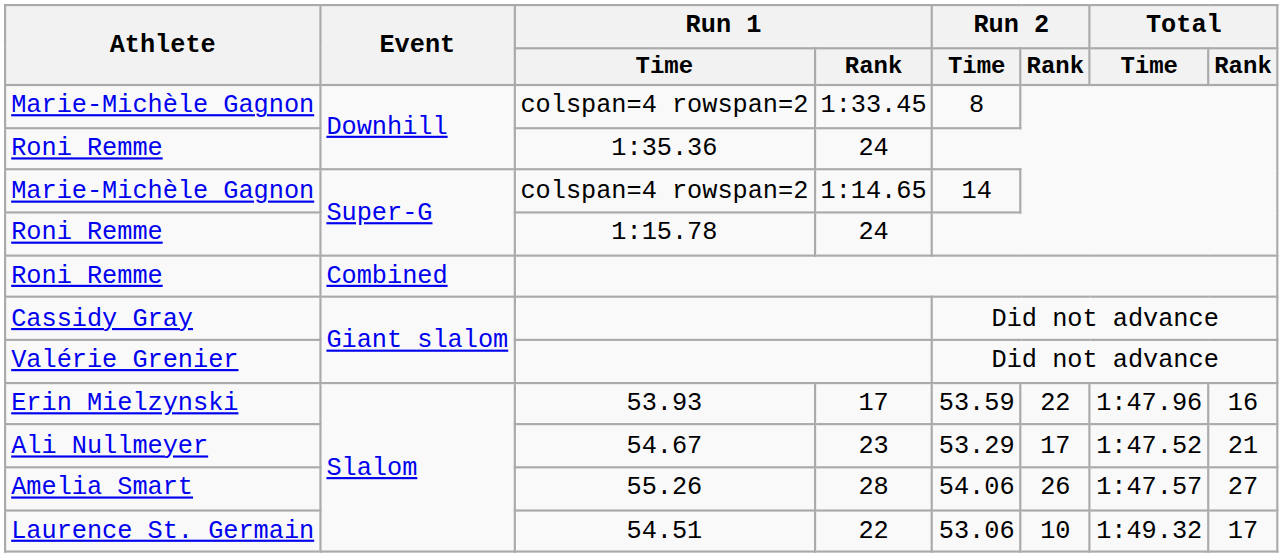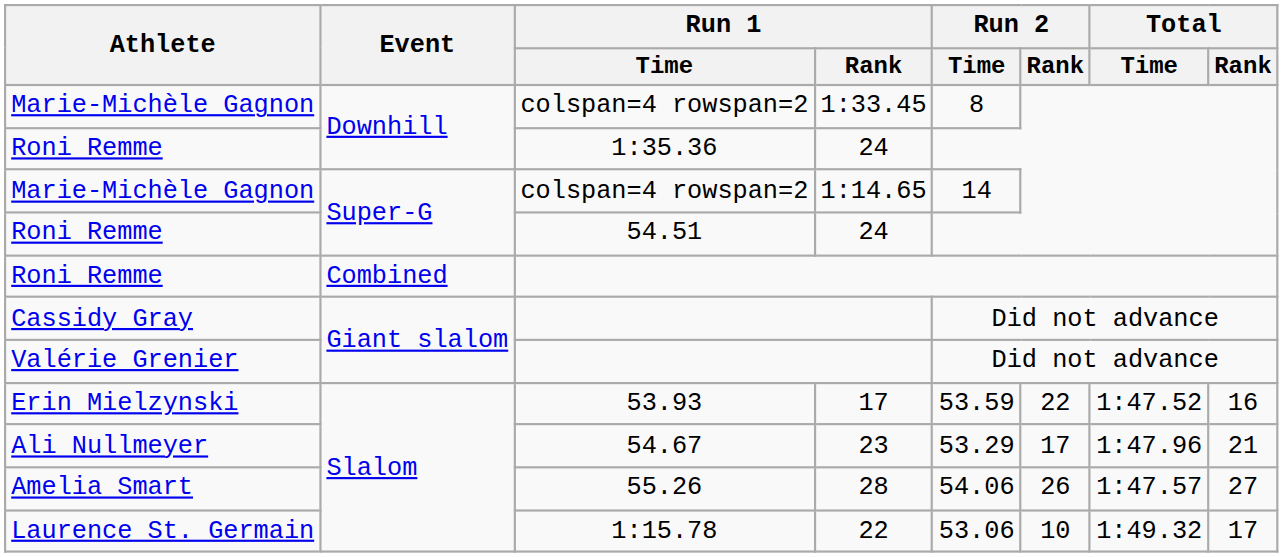 <table class=wikitable style=font-size:90%;text-align:center>
 <tr>
 <th rowspan=2>Athlete</th>
 <th rowspan=2>Event</th>
 <th colspan=2>Run 1</th>
 <th colspan=2>Run 2</th>
 <th colspan=2>Total</th>
 </tr>
 <tr style=font-size:95%>
 <th>Time</th>
 <th>Rank</th>
 <th>Time</th>
 <th>Rank</th>
 <th>Time</th>
 <th>Rank</th>
 </tr>
 <tr>
 <td align=left><a href='#'>Marie-Michèle Gagnon</a></td>
 <td align=left rowspan=2><a href='#'>Downhill</a></td>
 <td>colspan=4 rowspan=2 </td>
 <td>1:33.45</td>
 <td>8</td>
 </tr>
 <tr>
 <td align=left><a href='#'>Roni Remme</a></td>
 <td>1:35.36</td>
 <td>24</td>
 </tr>
 <tr>
 <td align=left><a href='#'>Marie-Michèle Gagnon</a></td>
 <td align=left rowspan=2><a href='#'>Super-G</a></td>
 <td>colspan=4 rowspan=2 </td>
 <td>1:14.65</td>
 <td>14</td>
 </tr>
 <tr>
 <td align=left><a href='#'>Roni Remme</a></td>
-<td>1:15.78</td>
+<td>54.51</td>
 <td>24</td>
 </tr>
 <tr>
 <td align=left><a href='#'>Roni Remme</a></td>
 <td align=left><a href='#'>Combined</a></td>
 <td colspan=6></td>
 </tr>
 <tr>
 <td align=left><a href='#'>Cassidy Gray</a></td>
 <td align=left rowspan=2><a href='#'>Giant slalom</a></td>
 <td colspan=2></td>
 <td colspan=4>Did not advance</td>
 </tr>
 <tr>
 <td align=left><a href='#'>Valérie Grenier</a></td>
 <td colspan=2></td>
 <td colspan=4>Did not advance</td>
 </tr>
 <tr>
 <td align=left><a href='#'>Erin Mielzynski</a></td>
 <td align=left rowspan=4><a href='#'>Slalom</a></td>
 <td>53.93</td>
 <td>17</td>
 <td>53.59</td>
 <td>22</td>
-<td>1:47.96</td>
+<td>1:47.52</td>
 <td>16</td>
 </tr>
 <tr>
 <td align=left><a href='#'>Ali Nullmeyer</a></td>
 <td>54.67</td>
 <td>23</td>
 <td>53.29</td>
 <td>17</td>
-<td>1:47.52</td>
+<td>1:47.96</td>
 <td>21</td>
 </tr>
 <tr>
 <td align=left><a href='#'>Amelia Smart</a></td>
 <td>55.26</td>
 <td>28</td>
 <td>54.06</td>
 <td>26</td>
 <td>1:47.57</td>
 <td>27</td>
 </tr>
 <tr>
 <td align=left><a href='#'>Laurence St. Germain</a></td>
-<td>54.51</td>
+<td>1:15.78</td>
 <td>22</td>
 <td>53.06</td>
 <td>10</td>
 <td>1:49.32</td>
 <td>17</td>
 </tr>
 </table>
